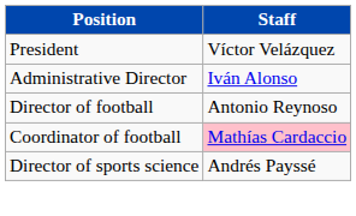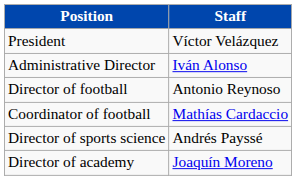 <table class="wikitable">
 <tr>
 <th style="background-color:#0046AD;color:#FFFFFF;">Position</th>
 <th style="background-color:#0046AD;color:#FFFFFF;">Staff</th>
 </tr>
 <tr>
 <td>President</td>
 <td> Víctor Velázquez</td>
 </tr>
 <tr>
 <td>Administrative Director</td>
 <td> <a href='#'>Iván Alonso</a></td>
 </tr>
 <tr>
 <td>Director of football</td>
 <td> Antonio Reynoso</td>
 </tr>
 <tr>
 <td>Coordinator of football</td>
-<td style="background: pink;"> <a href='#'>Mathías Cardaccio</a></td>
+<td> <a href='#'>Mathías Cardaccio</a></td>
 </tr>
 <tr>
 <td>Director of sports science</td>
 <td> Andrés Payssé</td>
 </tr>
+<tr>
+<td>Director of academy</td>
+<td> <a href='#'>Joaquín Moreno</a></td>
+</tr>
 </table>
